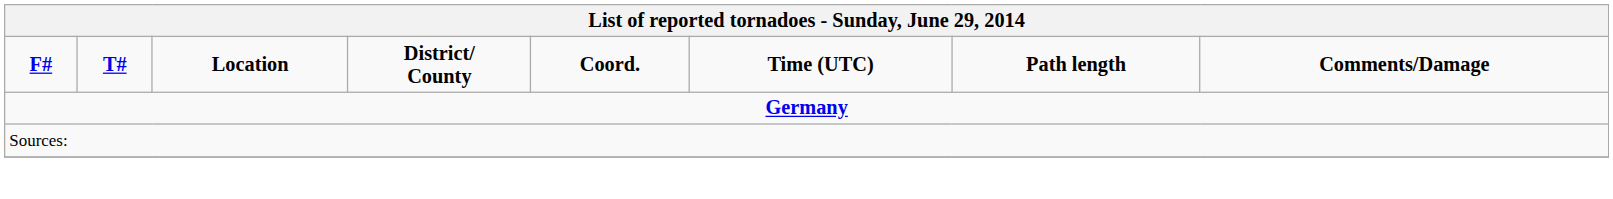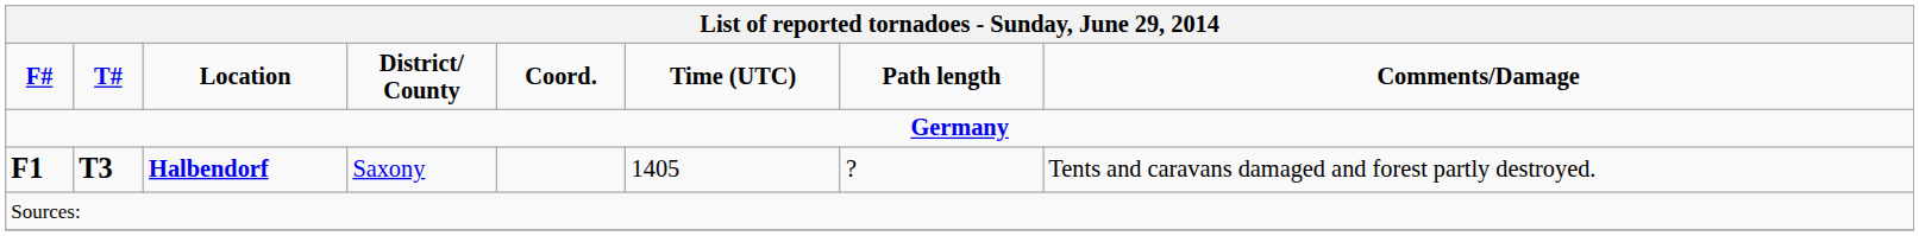 <table class="wikitable collapsible" width="100%">
 <tr>
 <th colspan="8">List of reported tornadoes - Sunday, June 29, 2014</th>
 </tr>
 <tr>
 <td style="text-align: center;"><strong><a href='#'>F#</a></strong></td>
 <td style="text-align: center;"><strong><a href='#'>T#</a></strong></td>
 <td style="text-align: center;"><strong>Location</strong></td>
 <td style="text-align: center;"><strong>District/<br>County</strong></td>
 <td style="text-align: center;"><strong>Coord.</strong></td>
 <td style="text-align: center;"><strong>Time (UTC)</strong></td>
 <td style="text-align: center;"><strong>Path length</strong></td>
 <td style="text-align: center;"><strong>Comments/Damage</strong></td>
 </tr>
 <tr>
 <td colspan="8" align=center><strong><a href='#'>Germany</a></strong></td>
 </tr>
 <tr>
+<td><big><strong>F1</strong></big></td>
+<td><big><strong>T3</strong></big></td>
+<td><strong><a href='#'>Halbendorf</a></strong></td>
+<td><a href='#'>Saxony</a></td>
+<td></td>
+<td>1405</td>
+<td>?</td>
+<td>Tents and caravans damaged and forest partly destroyed.</td>
+</tr>
+<tr>
 <td colspan="8"><small>Sources:</small></td>
 </tr>
 <tr>
 </tr>
 </table>
